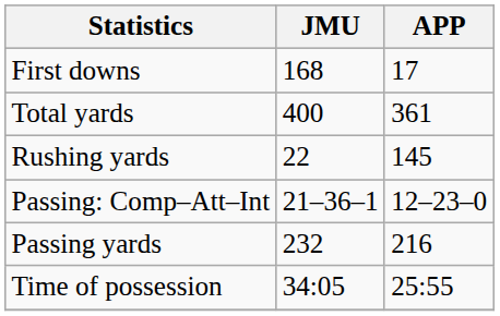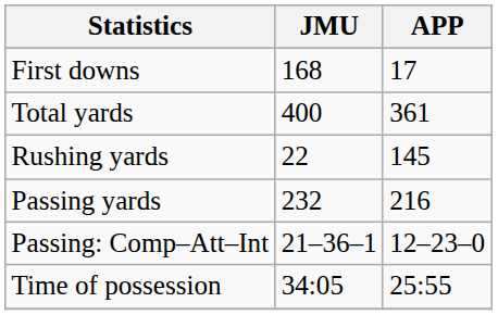 <table class="wikitable" style="float: left;">
 <tr>
 <th>Statistics</th>
 <th>JMU</th>
 <th>APP</th>
 </tr>
 <tr>
 <td>First downs</td>
 <td>168</td>
 <td>17</td>
 </tr>
 <tr>
 <td>Total yards</td>
 <td>400</td>
 <td>361</td>
 </tr>
 <tr>
 <td>Rushing yards</td>
 <td>22</td>
 <td>145</td>
 </tr>
 <tr>
+<td>Passing yards</td>
+<td>232</td>
+<td>216</td>
+</tr>
+<tr>
 <td>Passing: Comp–Att–Int</td>
 <td>21–36–1</td>
 <td>12–23–0</td>
-</tr>
-<tr>
-<td>Passing yards</td>
-<td>232</td>
-<td>216</td>
 </tr>
 <tr>
 <td>Time of possession</td>
 <td>34:05</td>
 <td>25:55</td>
 </tr>
 <tr>
 </tr>
 </table>
